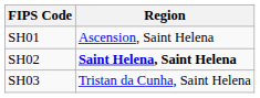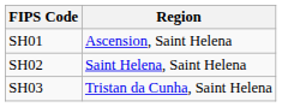 <table class="wikitable">
 <tr>
 <th>FIPS Code</th>
 <th>Region</th>
 </tr>
 <tr>
 <td>SH01</td>
 <td><a href='#'>Ascension</a>, Saint Helena</td>
 </tr>
 <tr>
 <td>SH02</td>
-<td><strong><a href='#'>Saint Helena</a>, Saint Helena</strong></td>
+<td><a href='#'>Saint Helena</a>, Saint Helena</td>
 </tr>
 <tr>
 <td>SH03</td>
 <td><a href='#'>Tristan da Cunha</a>, Saint Helena</td>
 </tr>
 </table>
